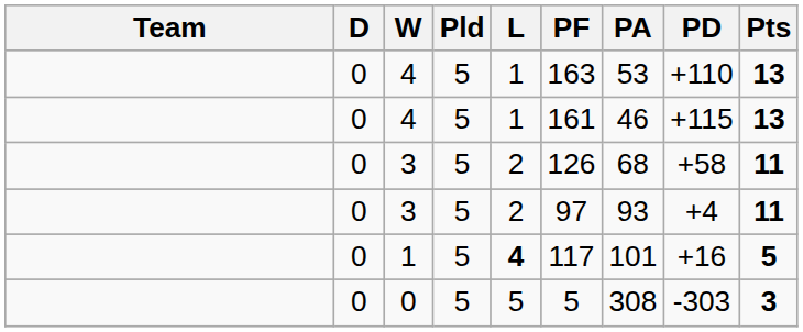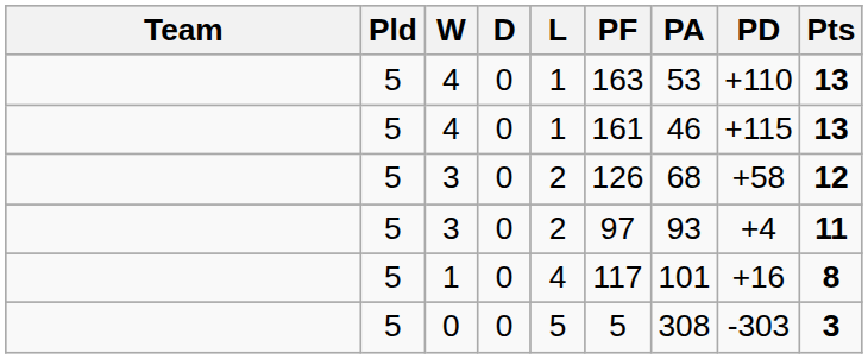 <table class="wikitable" style="text-align:center;">
 <tr>
 <th width=175>Team</th>
+<th width=20 abbr="Played">Pld</th>
+<th width=20 abbr="Won">W</th>
 <th width=20 abbr="Drawn">D</th>
-<th width=20 abbr="Won">W</th>
-<th width=20 abbr="Played">Pld</th>
 <th width=20 abbr="Lost">L</th>
 <th width=20 abbr="Points for">PF</th>
 <th width=20 abbr="Points against">PA</th>
 <th width=25 abbr="Points difference">PD</th>
 <th width=20 abbr="Points">Pts</th>
 </tr>
 <tr>
 <td align=left></td>
+<td>5</td>
+<td>4</td>
 <td>0</td>
-<td>4</td>
-<td>5</td>
 <td>1</td>
 <td>163</td>
 <td>53</td>
 <td>+110</td>
 <td><strong>13</strong></td>
 </tr>
 <tr>
 <td align=left></td>
+<td>5</td>
+<td>4</td>
 <td>0</td>
-<td>4</td>
-<td>5</td>
 <td>1</td>
 <td>161</td>
 <td>46</td>
 <td>+115</td>
 <td><strong>13</strong></td>
 </tr>
 <tr>
 <td align=left></td>
+<td>5</td>
+<td>3</td>
 <td>0</td>
-<td>3</td>
-<td>5</td>
 <td>2</td>
 <td>126</td>
 <td>68</td>
 <td>+58</td>
-<td><strong>11</strong></td>
+<td><strong>12</strong></td>
 </tr>
 <tr>
 <td align=left></td>
+<td>5</td>
+<td>3</td>
 <td>0</td>
-<td>3</td>
-<td>5</td>
 <td>2</td>
 <td>97</td>
 <td>93</td>
 <td>+4</td>
 <td><strong>11</strong></td>
 </tr>
 <tr>
 <td align=left></td>
+<td>5</td>
+<td>1</td>
 <td>0</td>
-<td>1</td>
-<td>5</td>
-<td><strong>4</strong></td>
+<td>4</td>
 <td>117</td>
 <td>101</td>
 <td>+16</td>
-<td><strong>5</strong></td>
+<td><strong>8</strong></td>
 </tr>
 <tr>
 <td align=left></td>
+<td>5</td>
 <td>0</td>
 <td>0</td>
-<td>5</td>
 <td>5</td>
 <td>5</td>
 <td>308</td>
 <td>-303</td>
 <td><strong>3</strong></td>
 </tr>
 </table>
